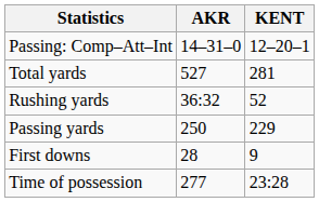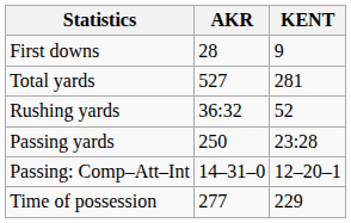 <table class="wikitable" style="float:left">
 <tr>
 <th>Statistics</th>
 <th>AKR</th>
 <th>KENT</th>
 </tr>
 <tr>
-<td>Passing: Comp–Att–Int</td>
-<td>14–31–0</td>
-<td>12–20–1</td>
+<td>First downs</td>
+<td>28</td>
+<td>9</td>
 </tr>
 <tr>
 <td>Total yards</td>
 <td>527</td>
 <td>281</td>
 </tr>
 <tr>
 <td>Rushing yards</td>
 <td>36:32</td>
 <td>52</td>
 </tr>
 <tr>
 <td>Passing yards</td>
 <td>250</td>
-<td>229</td>
+<td>23:28</td>
 </tr>
 <tr>
-<td>First downs</td>
-<td>28</td>
-<td>9</td>
+<td>Passing: Comp–Att–Int</td>
+<td>14–31–0</td>
+<td>12–20–1</td>
 </tr>
 <tr>
 <td>Time of possession</td>
 <td>277</td>
-<td>23:28</td>
+<td>229</td>
 </tr>
 <tr>
 </tr>
 </table>
